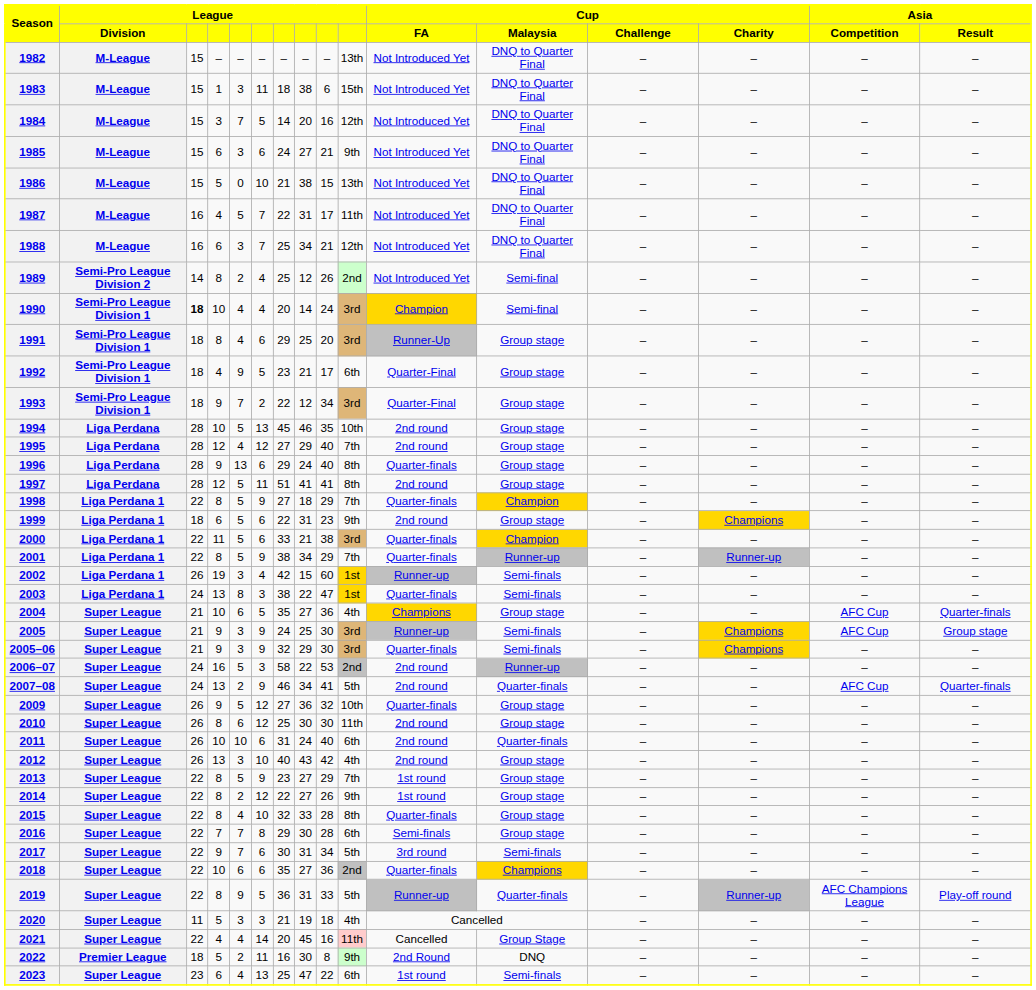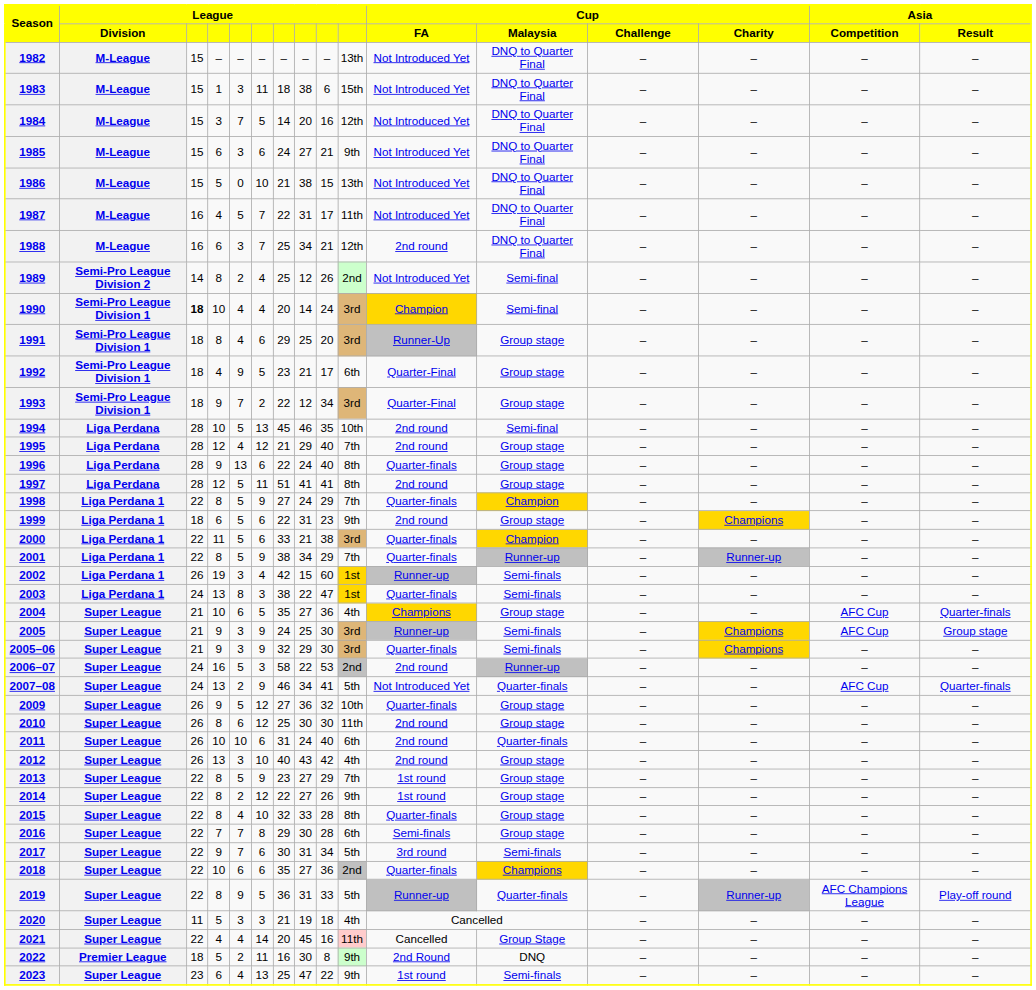 <table class="wikitable" style="border:2px solid yellow; font-size:90%; text-align:center;">
 <tr>
 <th rowspan="2" style="background:yellow; color:black;" width="60">Season</th>
 <th colspan="9" style="background:yellow; color:black;">League</th>
 <th colspan="4" style="background:yellow; color:black;">Cup</th>
 <th colspan="2" style="background:yellow; color:black;">Asia</th>
 </tr>
 <tr>
 <th style="background:yellow; color:black;" width="150">Division</th>
 <th style="background:yellow; color:black;" width="20"></th>
 <th style="background:yellow; color:black;" width="20"></th>
 <th style="background:yellow; color:black;" width="20"></th>
 <th style="background:yellow; color:black;" width="20"></th>
 <th style="background:yellow; color:black;" width="20"></th>
 <th style="background:yellow; color:black;" width="20"></th>
 <th style="background:yellow; color:black;" width="20"></th>
 <th style="background:yellow; color:black;" width="20"></th>
 <th style="background:yellow; color:black;" width="130">FA</th>
 <th style="background:yellow; color:black;" width="130">Malaysia</th>
 <th style="background:yellow; color:black;" width="130">Challenge</th>
 <th style="background:yellow; color:black;" width="130">Charity</th>
 <th style="background:yellow; color:black;" width="130">Competition</th>
 <th style="background:yellow; color:black;" width="130">Result</th>
 </tr>
 <tr>
 <th><a href='#'>1982</a></th>
 <th><a href='#'>M-League</a></th>
 <td>15</td>
 <td>–</td>
 <td>–</td>
 <td>–</td>
 <td>–</td>
 <td>–</td>
 <td>–</td>
 <td>13th</td>
 <td><a href='#'>Not Introduced Yet</a></td>
 <td><a href='#'>DNQ to Quarter Final</a></td>
 <td>–</td>
 <td>–</td>
 <td>–</td>
 <td>–</td>
 </tr>
 <tr>
 <th><a href='#'>1983</a></th>
 <th><a href='#'>M-League</a></th>
 <td>15</td>
 <td>1</td>
 <td>3</td>
 <td>11</td>
 <td>18</td>
 <td>38</td>
 <td>6</td>
 <td>15th</td>
 <td><a href='#'>Not Introduced Yet</a></td>
 <td><a href='#'>DNQ to Quarter Final</a></td>
 <td>–</td>
 <td>–</td>
 <td>–</td>
 <td>–</td>
 </tr>
 <tr>
 <th><a href='#'>1984</a></th>
 <th><a href='#'>M-League</a></th>
 <td>15</td>
 <td>3</td>
 <td>7</td>
 <td>5</td>
 <td>14</td>
 <td>20</td>
 <td>16</td>
 <td>12th</td>
 <td><a href='#'>Not Introduced Yet</a></td>
 <td><a href='#'>DNQ to Quarter Final</a></td>
 <td>–</td>
 <td>–</td>
 <td>–</td>
 <td>–</td>
 </tr>
 <tr>
 <th><a href='#'>1985</a></th>
 <th><a href='#'>M-League</a></th>
 <td>15</td>
 <td>6</td>
 <td>3</td>
 <td>6</td>
 <td>24</td>
 <td>27</td>
 <td>21</td>
 <td>9th</td>
 <td><a href='#'>Not Introduced Yet</a></td>
 <td><a href='#'>DNQ to Quarter Final</a></td>
 <td>–</td>
 <td>–</td>
 <td>–</td>
 <td>–</td>
 </tr>
 <tr>
 <th><a href='#'>1986</a></th>
 <th><a href='#'>M-League</a></th>
 <td>15</td>
 <td>5</td>
 <td>0</td>
 <td>10</td>
 <td>21</td>
 <td>38</td>
 <td>15</td>
 <td>13th</td>
 <td><a href='#'>Not Introduced Yet</a></td>
 <td><a href='#'>DNQ to Quarter Final</a></td>
 <td>–</td>
 <td>–</td>
 <td>–</td>
 <td>–</td>
 </tr>
 <tr>
 <th><a href='#'>1987</a></th>
 <th><a href='#'>M-League</a></th>
 <td>16</td>
 <td>4</td>
 <td>5</td>
 <td>7</td>
 <td>22</td>
 <td>31</td>
 <td>17</td>
 <td>11th</td>
 <td><a href='#'>Not Introduced Yet</a></td>
 <td><a href='#'>DNQ to Quarter Final</a></td>
 <td>–</td>
 <td>–</td>
 <td>–</td>
 <td>–</td>
 </tr>
 <tr>
 <th><a href='#'>1988</a></th>
 <th><a href='#'>M-League</a></th>
 <td>16</td>
 <td>6</td>
 <td>3</td>
 <td>7</td>
 <td>25</td>
 <td>34</td>
 <td>21</td>
 <td>12th</td>
-<td><a href='#'>Not Introduced Yet</a></td>
+<td><a href='#'>2nd round</a></td>
 <td><a href='#'>DNQ to Quarter Final</a></td>
 <td>–</td>
 <td>–</td>
 <td>–</td>
 <td>–</td>
 </tr>
 <tr>
 <th><a href='#'>1989</a></th>
 <th><a href='#'>Semi-Pro League Division 2</a></th>
 <td>14</td>
 <td>8</td>
 <td>2</td>
 <td>4</td>
 <td>25</td>
 <td>12</td>
 <td>26</td>
 <td style="background:#CCFFCC;">2nd</td>
 <td><a href='#'>Not Introduced Yet</a></td>
 <td><a href='#'>Semi-final</a></td>
 <td>–</td>
 <td>–</td>
 <td>–</td>
 <td>–</td>
 </tr>
 <tr>
 <th><a href='#'>1990</a></th>
 <th><a href='#'>Semi-Pro League Division 1</a></th>
 <td><strong>18</strong></td>
 <td>10</td>
 <td>4</td>
 <td>4</td>
 <td>20</td>
 <td>14</td>
 <td>24</td>
 <td style="background:#deb678;">3rd</td>
 <td style="background:gold;"><a href='#'>Champion</a></td>
 <td><a href='#'>Semi-final</a></td>
 <td>–</td>
 <td>–</td>
 <td>–</td>
 <td>–</td>
 </tr>
 <tr>
 <th><a href='#'>1991</a></th>
 <th><a href='#'>Semi-Pro League Division 1</a></th>
 <td>18</td>
 <td>8</td>
 <td>4</td>
 <td>6</td>
 <td>29</td>
 <td>25</td>
 <td>20</td>
 <td style="background:#deb678;">3rd</td>
 <td style="background:silver;"><a href='#'>Runner-Up</a></td>
 <td><a href='#'>Group stage</a></td>
 <td>–</td>
 <td>–</td>
 <td>–</td>
 <td>–</td>
 </tr>
 <tr>
 <th><a href='#'>1992</a></th>
 <th><a href='#'>Semi-Pro League Division 1</a></th>
 <td>18</td>
 <td>4</td>
 <td>9</td>
 <td>5</td>
 <td>23</td>
 <td>21</td>
 <td>17</td>
 <td>6th</td>
 <td><a href='#'>Quarter-Final</a></td>
 <td><a href='#'>Group stage</a></td>
 <td>–</td>
 <td>–</td>
 <td>–</td>
 <td>–</td>
 </tr>
 <tr>
 <th><a href='#'>1993</a></th>
 <th><a href='#'>Semi-Pro League Division 1</a></th>
 <td>18</td>
 <td>9</td>
 <td>7</td>
 <td>2</td>
 <td>22</td>
 <td>12</td>
 <td>34</td>
 <td style="background:#deb678;">3rd</td>
 <td><a href='#'>Quarter-Final</a></td>
 <td><a href='#'>Group stage</a></td>
 <td>–</td>
 <td>–</td>
 <td>–</td>
 <td>–</td>
 </tr>
 <tr>
 <th><a href='#'>1994</a></th>
 <th><a href='#'>Liga Perdana</a></th>
 <td>28</td>
 <td>10</td>
 <td>5</td>
 <td>13</td>
 <td>45</td>
 <td>46</td>
 <td>35</td>
 <td>10th</td>
 <td><a href='#'>2nd round</a></td>
-<td><a href='#'>Group stage</a></td>
+<td><a href='#'>Semi-final</a></td>
 <td>–</td>
 <td>–</td>
 <td>–</td>
 <td>–</td>
 </tr>
 <tr>
 <th><a href='#'>1995</a></th>
 <th><a href='#'>Liga Perdana</a></th>
 <td>28</td>
 <td>12</td>
 <td>4</td>
 <td>12</td>
-<td>27</td>
+<td>21</td>
 <td>29</td>
 <td>40</td>
 <td>7th</td>
 <td><a href='#'>2nd round</a></td>
 <td><a href='#'>Group stage</a></td>
 <td>–</td>
 <td>–</td>
 <td>–</td>
 <td>–</td>
 </tr>
 <tr>
 <th><a href='#'>1996</a></th>
 <th><a href='#'>Liga Perdana</a></th>
 <td>28</td>
 <td>9</td>
 <td>13</td>
 <td>6</td>
-<td>29</td>
+<td>22</td>
 <td>24</td>
 <td>40</td>
 <td>8th</td>
 <td><a href='#'>Quarter-finals</a></td>
 <td><a href='#'>Group stage</a></td>
 <td>–</td>
 <td>–</td>
 <td>–</td>
 <td>–</td>
 </tr>
 <tr>
 <th><a href='#'>1997</a></th>
 <th><a href='#'>Liga Perdana</a></th>
 <td>28</td>
 <td>12</td>
 <td>5</td>
 <td>11</td>
 <td>51</td>
 <td>41</td>
 <td>41</td>
 <td>8th</td>
 <td><a href='#'>2nd round</a></td>
 <td><a href='#'>Group stage</a></td>
 <td>–</td>
 <td>–</td>
 <td>–</td>
 <td>–</td>
 </tr>
 <tr>
 <th><a href='#'>1998</a></th>
 <th><a href='#'>Liga Perdana 1</a></th>
 <td>22</td>
 <td>8</td>
 <td>5</td>
 <td>9</td>
 <td>27</td>
-<td>18</td>
+<td>24</td>
 <td>29</td>
 <td>7th</td>
 <td><a href='#'>Quarter-finals</a></td>
 <td style="background:gold;"><a href='#'>Champion</a></td>
 <td>–</td>
 <td>–</td>
 <td>–</td>
 <td>–</td>
 </tr>
 <tr>
 <th><a href='#'>1999</a></th>
 <th><a href='#'>Liga Perdana 1</a></th>
 <td>18</td>
 <td>6</td>
 <td>5</td>
 <td>6</td>
 <td>22</td>
 <td>31</td>
 <td>23</td>
 <td>9th</td>
 <td><a href='#'>2nd round</a></td>
 <td><a href='#'>Group stage</a></td>
 <td>–</td>
 <td style="background:gold;"><a href='#'>Champions</a></td>
 <td>–</td>
 <td>–</td>
 </tr>
 <tr>
 <th><a href='#'>2000</a></th>
 <th><a href='#'>Liga Perdana 1</a></th>
 <td>22</td>
 <td>11</td>
 <td>5</td>
 <td>6</td>
 <td>33</td>
 <td>21</td>
 <td>38</td>
 <td style="background:#deb678;">3rd</td>
 <td><a href='#'>Quarter-finals</a></td>
 <td style="background:gold;"><a href='#'>Champion</a></td>
 <td>–</td>
 <td>–</td>
 <td>–</td>
 <td>–</td>
 </tr>
 <tr>
 <th><a href='#'>2001</a></th>
 <th><a href='#'>Liga Perdana 1</a></th>
 <td>22</td>
 <td>8</td>
 <td>5</td>
 <td>9</td>
 <td>38</td>
 <td>34</td>
 <td>29</td>
 <td>7th</td>
 <td><a href='#'>Quarter-finals</a></td>
 <td style="background:silver;"><a href='#'>Runner-up</a></td>
 <td>–</td>
 <td style="background:silver;"><a href='#'>Runner-up</a></td>
 <td>–</td>
 <td>–</td>
 </tr>
 <tr>
 <th><a href='#'>2002</a></th>
 <th><a href='#'>Liga Perdana 1</a></th>
 <td>26</td>
 <td>19</td>
 <td>3</td>
 <td>4</td>
 <td>42</td>
 <td>15</td>
 <td>60</td>
 <td style="background:gold;">1st</td>
 <td style="background:silver;"><a href='#'>Runner-up</a></td>
 <td><a href='#'>Semi-finals</a></td>
 <td>–</td>
 <td>–</td>
 <td>–</td>
 <td>–</td>
 </tr>
 <tr>
 <th><a href='#'>2003</a></th>
 <th><a href='#'>Liga Perdana 1</a></th>
 <td>24</td>
 <td>13</td>
 <td>8</td>
 <td>3</td>
 <td>38</td>
 <td>22</td>
 <td>47</td>
 <td style="background:gold;">1st</td>
 <td><a href='#'>Quarter-finals</a></td>
 <td><a href='#'>Semi-finals</a></td>
 <td>–</td>
 <td>–</td>
 <td>–</td>
 <td>–</td>
 </tr>
 <tr>
 <th><a href='#'>2004</a></th>
 <th><a href='#'>Super League</a></th>
 <td>21</td>
 <td>10</td>
 <td>6</td>
 <td>5</td>
 <td>35</td>
 <td>27</td>
 <td>36</td>
 <td>4th</td>
 <td style="background:gold;"><a href='#'>Champions</a></td>
 <td><a href='#'>Group stage</a></td>
 <td>–</td>
 <td>–</td>
 <td><a href='#'>AFC Cup</a></td>
 <td><a href='#'>Quarter-finals</a></td>
 </tr>
 <tr>
 <th><a href='#'>2005</a></th>
 <th><a href='#'>Super League</a></th>
 <td>21</td>
 <td>9</td>
 <td>3</td>
 <td>9</td>
 <td>24</td>
 <td>25</td>
 <td>30</td>
 <td style="background:#deb678;">3rd</td>
 <td style="background:silver;"><a href='#'>Runner-up</a></td>
 <td><a href='#'>Semi-finals</a></td>
 <td>–</td>
 <td style="background:gold;"><a href='#'>Champions</a></td>
 <td><a href='#'>AFC Cup</a></td>
 <td><a href='#'>Group stage</a></td>
 </tr>
 <tr>
 <th><a href='#'>2005–06</a></th>
 <th><a href='#'>Super League</a></th>
 <td>21</td>
 <td>9</td>
 <td>3</td>
 <td>9</td>
 <td>32</td>
 <td>29</td>
 <td>30</td>
 <td style="background:#deb678">3rd</td>
 <td><a href='#'>Quarter-finals</a></td>
 <td><a href='#'>Semi-finals</a></td>
 <td>–</td>
 <td style="background:gold;"><a href='#'>Champions</a></td>
 <td>–</td>
 <td>–</td>
 </tr>
 <tr>
 <th><a href='#'>2006–07</a></th>
 <th><a href='#'>Super League</a></th>
 <td>24</td>
 <td>16</td>
 <td>5</td>
 <td>3</td>
 <td>58</td>
 <td>22</td>
 <td>53</td>
 <td style="background:silver;">2nd</td>
 <td><a href='#'>2nd round</a></td>
 <td style="background:silver;"><a href='#'>Runner-up</a></td>
 <td>–</td>
 <td>–</td>
 <td>–</td>
 <td>–</td>
 </tr>
 <tr>
 <th><a href='#'>2007–08</a></th>
 <th><a href='#'>Super League</a></th>
 <td>24</td>
 <td>13</td>
 <td>2</td>
 <td>9</td>
 <td>46</td>
 <td>34</td>
 <td>41</td>
 <td>5th</td>
-<td><a href='#'>2nd round</a></td>
+<td><a href='#'>Not Introduced Yet</a></td>
 <td><a href='#'>Quarter-finals</a></td>
 <td>–</td>
 <td>–</td>
 <td><a href='#'>AFC Cup</a></td>
 <td><a href='#'>Quarter-finals</a></td>
 </tr>
 <tr>
 <th><a href='#'>2009</a></th>
 <th><a href='#'>Super League</a></th>
 <td>26</td>
 <td>9</td>
 <td>5</td>
 <td>12</td>
 <td>27</td>
 <td>36</td>
 <td>32</td>
 <td>10th</td>
 <td><a href='#'>Quarter-finals</a></td>
 <td><a href='#'>Group stage</a></td>
 <td>–</td>
 <td>–</td>
 <td>–</td>
 <td>–</td>
 </tr>
 <tr>
 <th><a href='#'>2010</a></th>
 <th><a href='#'>Super League</a></th>
 <td>26</td>
 <td>8</td>
 <td>6</td>
 <td>12</td>
 <td>25</td>
 <td>30</td>
 <td>30</td>
 <td>11th</td>
 <td><a href='#'>2nd round</a></td>
 <td><a href='#'>Group stage</a></td>
 <td>–</td>
 <td>–</td>
 <td>–</td>
 <td>–</td>
 </tr>
 <tr>
 <th><a href='#'>2011</a></th>
 <th><a href='#'>Super League</a></th>
 <td>26</td>
 <td>10</td>
 <td>10</td>
 <td>6</td>
 <td>31</td>
 <td>24</td>
 <td>40</td>
 <td>6th</td>
 <td><a href='#'>2nd round</a></td>
 <td><a href='#'>Quarter-finals</a></td>
 <td>–</td>
 <td>–</td>
 <td>–</td>
 <td>–</td>
 </tr>
 <tr>
 <th><a href='#'>2012</a></th>
 <th><a href='#'>Super League</a></th>
 <td>26</td>
 <td>13</td>
 <td>3</td>
 <td>10</td>
 <td>40</td>
 <td>43</td>
 <td>42</td>
 <td>4th</td>
 <td><a href='#'>2nd round</a></td>
 <td><a href='#'>Group stage</a></td>
 <td>–</td>
 <td>–</td>
 <td>–</td>
 <td>–</td>
 </tr>
 <tr>
 <th><a href='#'>2013</a></th>
 <th><a href='#'>Super League</a></th>
 <td>22</td>
 <td>8</td>
 <td>5</td>
 <td>9</td>
 <td>23</td>
 <td>27</td>
 <td>29</td>
 <td>7th</td>
 <td><a href='#'>1st round</a></td>
 <td><a href='#'>Group stage</a></td>
 <td>–</td>
 <td>–</td>
 <td>–</td>
 <td>–</td>
 </tr>
 <tr>
 <th><a href='#'>2014</a></th>
 <th><a href='#'>Super League</a></th>
 <td>22</td>
 <td>8</td>
 <td>2</td>
 <td>12</td>
 <td>22</td>
 <td>27</td>
 <td>26</td>
 <td>9th</td>
 <td><a href='#'>1st round</a></td>
 <td><a href='#'>Group stage</a></td>
 <td>–</td>
 <td>–</td>
 <td>–</td>
 <td>–</td>
 </tr>
 <tr>
 <th><a href='#'>2015</a></th>
 <th><a href='#'>Super League</a></th>
 <td>22</td>
 <td>8</td>
 <td>4</td>
 <td>10</td>
 <td>32</td>
 <td>33</td>
 <td>28</td>
 <td>8th</td>
 <td><a href='#'>Quarter-finals</a></td>
 <td><a href='#'>Group stage</a></td>
 <td>–</td>
 <td>–</td>
 <td>–</td>
 <td>–</td>
 </tr>
 <tr>
 <th><a href='#'>2016</a></th>
 <th><a href='#'>Super League</a></th>
 <td>22</td>
 <td>7</td>
 <td>7</td>
 <td>8</td>
 <td>29</td>
 <td>30</td>
 <td>28</td>
 <td>6th</td>
 <td><a href='#'>Semi-finals</a></td>
 <td><a href='#'>Group stage</a></td>
 <td>–</td>
 <td>–</td>
 <td>–</td>
 <td>–</td>
 </tr>
 <tr>
 <th><a href='#'>2017</a></th>
 <th><a href='#'>Super League</a></th>
 <td>22</td>
 <td>9</td>
 <td>7</td>
 <td>6</td>
 <td>30</td>
 <td>31</td>
 <td>34</td>
 <td>5th</td>
 <td><a href='#'>3rd round</a></td>
 <td><a href='#'>Semi-finals</a></td>
 <td>–</td>
 <td>–</td>
 <td>–</td>
 <td>–</td>
 </tr>
 <tr>
 <th><a href='#'>2018</a></th>
 <th><a href='#'>Super League</a></th>
 <td>22</td>
 <td>10</td>
 <td>6</td>
 <td>6</td>
 <td>35</td>
 <td>27</td>
 <td>36</td>
 <td style="background:silver;">2nd</td>
 <td><a href='#'>Quarter-finals</a></td>
 <td style="background:gold;"><a href='#'>Champions</a></td>
 <td>–</td>
 <td>–</td>
 <td>–</td>
 <td>–</td>
 </tr>
 <tr>
 <th><a href='#'>2019</a></th>
 <th><a href='#'>Super League</a></th>
 <td>22</td>
 <td>8</td>
 <td>9</td>
 <td>5</td>
 <td>36</td>
 <td>31</td>
 <td>33</td>
 <td>5th</td>
 <td style="background:silver;"><a href='#'>Runner-up</a></td>
 <td><a href='#'>Quarter-finals</a></td>
 <td>–</td>
 <td style="background:silver;"><a href='#'>Runner-up</a></td>
 <td><a href='#'>AFC Champions League</a></td>
 <td><a href='#'>Play-off round</a></td>
 </tr>
 <tr>
 <th><a href='#'>2020</a></th>
 <th><a href='#'>Super League</a></th>
 <td>11</td>
 <td>5</td>
 <td>3</td>
 <td>3</td>
 <td>21</td>
 <td>19</td>
 <td>18</td>
 <td>4th</td>
 <td colspan="2">Cancelled</td>
 <td>–</td>
 <td>–</td>
 <td>–</td>
 <td>–</td>
 </tr>
 <tr>
 <th><a href='#'>2021</a></th>
 <th><a href='#'>Super League</a></th>
 <td>22</td>
 <td>4</td>
 <td>4</td>
 <td>14</td>
 <td>20</td>
 <td>45</td>
 <td>16</td>
 <td style= "background:#FFCCCC;">11th</td>
 <td>Cancelled</td>
 <td><a href='#'>Group Stage</a></td>
 <td>–</td>
 <td>–</td>
 <td>–</td>
 <td>–</td>
 </tr>
 <tr>
 <th><a href='#'>2022</a></th>
 <th><a href='#'>Premier League</a></th>
 <td>18</td>
 <td>5</td>
 <td>2</td>
 <td>11</td>
 <td>16</td>
 <td>30</td>
 <td>8</td>
 <td style="background:#CCFFCC;">9th</td>
 <td><a href='#'>2nd Round</a></td>
 <td>DNQ</td>
 <td>–</td>
 <td>–</td>
 <td>–</td>
 <td>–</td>
 </tr>
 <tr>
 <th><a href='#'>2023</a></th>
 <th><a href='#'>Super League</a></th>
 <td>23</td>
 <td>6</td>
 <td>4</td>
 <td>13</td>
 <td>25</td>
 <td>47</td>
 <td>22</td>
-<td>6th</td>
+<td>9th</td>
 <td><a href='#'>1st round</a></td>
 <td><a href='#'>Semi-finals</a></td>
 <td>–</td>
 <td>–</td>
 <td>–</td>
 <td>–</td>
 </tr>
 </table>
